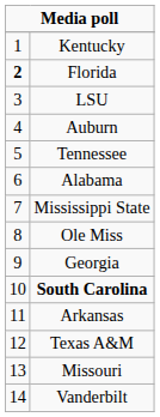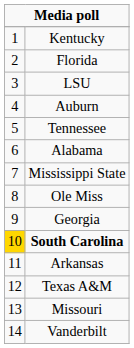 <table class="wikitable">
 <tr align="center">
 <td align="center" Colspan="3"><strong>Media poll</strong></td>
 </tr>
 <tr align="center">
 </tr>
 <tr align="center">
 <td>1</td>
 <td>Kentucky</td>
 </tr>
 <tr align="center">
-<td><strong>2</strong></td>
+<td>2</td>
 <td>Florida</td>
 </tr>
 <tr align="center">
 <td>3</td>
 <td>LSU</td>
 </tr>
 <tr align="center">
 <td>4</td>
 <td>Auburn</td>
 </tr>
 <tr align="center">
 <td>5</td>
 <td>Tennessee</td>
 </tr>
 <tr align="center">
 <td>6</td>
 <td>Alabama</td>
 </tr>
 <tr align="center">
 <td>7</td>
 <td>Mississippi State</td>
 </tr>
 <tr align="center">
 <td>8</td>
 <td>Ole Miss</td>
 </tr>
 <tr align="center">
 <td>9</td>
 <td>Georgia</td>
 </tr>
 <tr align="center">
-<td>10</td>
+<td style="background: gold;">10</td>
 <td><strong>South Carolina</strong></td>
 </tr>
 <tr align="center">
 <td>11</td>
 <td>Arkansas</td>
 </tr>
 <tr align="center">
 <td>12</td>
 <td>Texas A&M</td>
 </tr>
 <tr align="center">
 <td>13</td>
 <td>Missouri</td>
 </tr>
 <tr align="center">
 <td>14</td>
 <td>Vanderbilt</td>
 </tr>
 </table>
